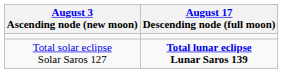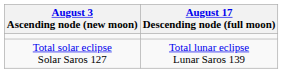 <table class="wikitable">
 <tr>
 <th><a href='#'>August 3</a><br>Ascending node (new moon)<br></th>
 <th><a href='#'>August 17</a><br>Descending node (full moon)<br></th>
 </tr>
 <tr>
 <td></td>
 <td></td>
 </tr>
 <tr align=center>
 <td><a href='#'>Total solar eclipse</a><br>Solar Saros 127</td>
-<td><strong><a href='#'>Total lunar eclipse</a><br>Lunar Saros 139</strong></td>
+<td><a href='#'>Total lunar eclipse</a><br>Lunar Saros 139</td>
 </tr>
 </table>
